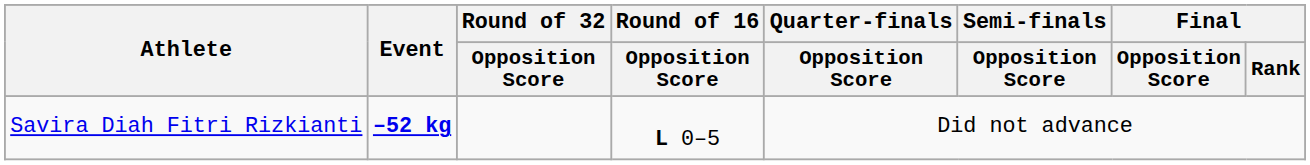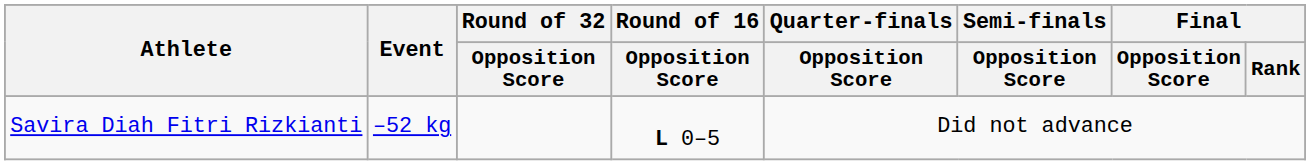 <table class=wikitable style=font-size:90%;text-align:center>
 <tr>
 <th rowspan=2>Athlete</th>
 <th rowspan=2>Event</th>
 <th>Round of 32</th>
 <th>Round of 16</th>
 <th>Quarter-finals</th>
 <th>Semi-finals</th>
 <th colspan=2>Final</th>
 </tr>
 <tr style=font-size:95%>
 <th>Opposition<br>Score</th>
 <th>Opposition<br>Score</th>
 <th>Opposition<br>Score</th>
 <th>Opposition<br>Score</th>
 <th>Opposition<br>Score</th>
 <th>Rank</th>
 </tr>
 <tr>
 <td align="left"><a href='#'>Savira Diah Fitri Rizkianti</a></td>
-<td align="left"><strong><a href='#'>–52 kg</a></strong></td>
+<td align="left"><a href='#'>–52 kg</a></td>
 <td></td>
 <td><br><strong>L</strong> 0–5</td>
 <td colspan=5>Did not advance</td>
 </tr>
 </table>
